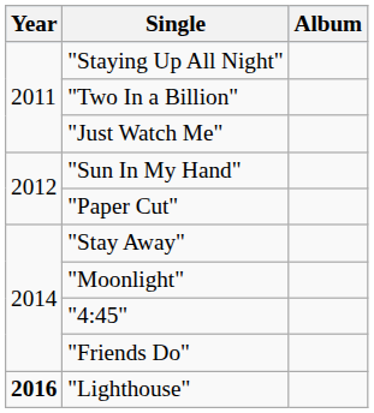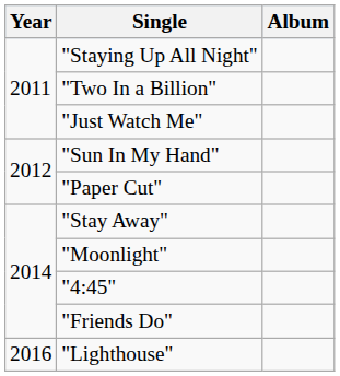 <table class="wikitable">
 <tr style="background: none repeat scroll 0% 0% rgb(176, 196, 222);">
 <th>Year</th>
 <th>Single</th>
 <th>Album</th>
 </tr>
 <tr>
 <td rowspan="3">2011</td>
 <td>"Staying Up All Night"</td>
 <td></td>
 </tr>
 <tr>
 <td>"Two In a Billion"</td>
 <td></td>
 </tr>
 <tr>
 <td>"Just Watch Me"</td>
 <td></td>
 </tr>
 <tr>
 <td rowspan="2">2012</td>
 <td>"Sun In My Hand"</td>
 <td></td>
 </tr>
 <tr>
 <td>"Paper Cut"</td>
 <td></td>
 </tr>
 <tr>
 <td rowspan="4">2014</td>
 <td>"Stay Away"</td>
 <td></td>
 </tr>
 <tr>
 <td>"Moonlight"</td>
 <td></td>
 </tr>
 <tr>
 <td>"4:45"</td>
 <td></td>
 </tr>
 <tr>
 <td>"Friends Do"</td>
 <td></td>
 </tr>
 <tr>
-<td><strong>2016</strong></td>
+<td>2016</td>
 <td>"Lighthouse"</td>
 <td></td>
 </tr>
 </table>
